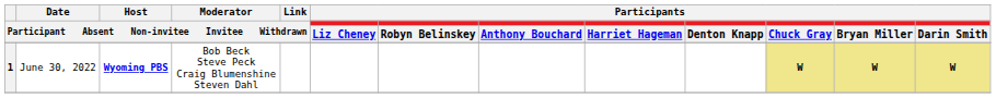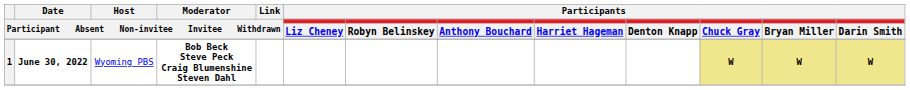 <table class="wikitable mw-collapsible"  style="text-align:center;">
 <tr style="font-size:small;">
 <th scope="col"></th>
 <th scope="col">Date</th>
 <th scope="col">Host</th>
 <th scope="col">Moderator</th>
 <th scope="col">Link</th>
 <th scope="col" colspan="8">Participants</th>
 </tr>
 <tr>
 <th colspan="5" rowspan="2"> <small>Participant  </small> <small>Absent  </small> <small>Non-invitee  </small> <small>Invitee  </small> <small>Withdrawn</small></th>
 <th scope="col" style="background:#E81B23;"></th>
 <th scope="col" style="background:#E81B23;"></th>
 <th scope="col" style="background:#E81B23;"></th>
 <th scope="col" style="background:#E81B23;"></th>
 <th scope="col" style="background:#E81B23;"></th>
 <th scope="col" style="background:#E81B23;"></th>
 <th scope="col" style="background:#E81B23;"></th>
 <th scope="col" style="background:#E81B23;"></th>
 </tr>
 <tr>
 <th scope="col"><a href='#'>Liz Cheney</a></th>
 <th scope="col">Robyn Belinskey</th>
 <th scope="col"><a href='#'>Anthony Bouchard</a></th>
 <th scole="col"><a href='#'>Harriet Hageman</a></th>
 <th scole="col">Denton Knapp</th>
 <th scole="col"><a href='#'>Chuck Gray</a></th>
 <th scole="col">Bryan Miller</th>
 <th scole="col">Darin Smith</th>
 </tr>
 <tr>
 </tr>
 <tr style="background:#FFFFFF;font-size:small;">
 <th scope="row">1</th>
-<td style="white-space:nowrap;">June 30, 2022</td>
-<td style="white-space:nowrap;"><strong><a href='#'>Wyoming PBS</a></strong></td>
-<td style="white-space:nowrap;">Bob Beck <br> Steve Peck <br> Craig Blumenshine <br> Steven Dahl</td>
+<td style="white-space:nowrap;"><strong>June 30, 2022</strong></td>
+<td style="white-space:nowrap;"><a href='#'>Wyoming PBS</a></td>
+<td style="white-space:nowrap;"><strong>Bob Beck <br> Steve Peck <br> Craig Blumenshine <br> Steven Dahl</strong></td>
 <td style="white-space:nowrap;"></td>
 <td></td>
 <td></td>
 <td></td>
 <td></td>
 <td></td>
 <td style="background:#f0e68c; color:black; text-align:center;"><strong>W</strong></td>
 <td style="background:#f0e68c; color:black; text-align:center;"><strong>W</strong></td>
 <td style="background:#f0e68c; color:black; text-align:center;"><strong>W</strong></td>
 </tr>
 <tr style="background:#FFFFFF;font-size:small;">
 </tr>
 </table>
